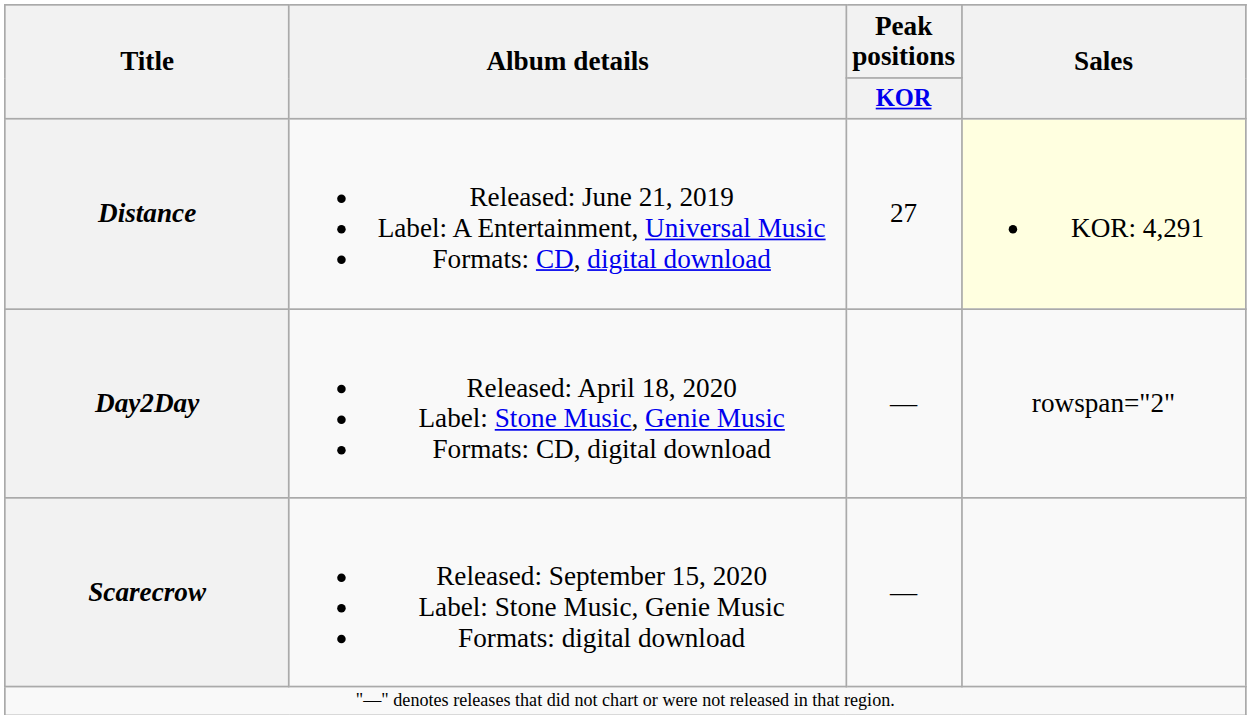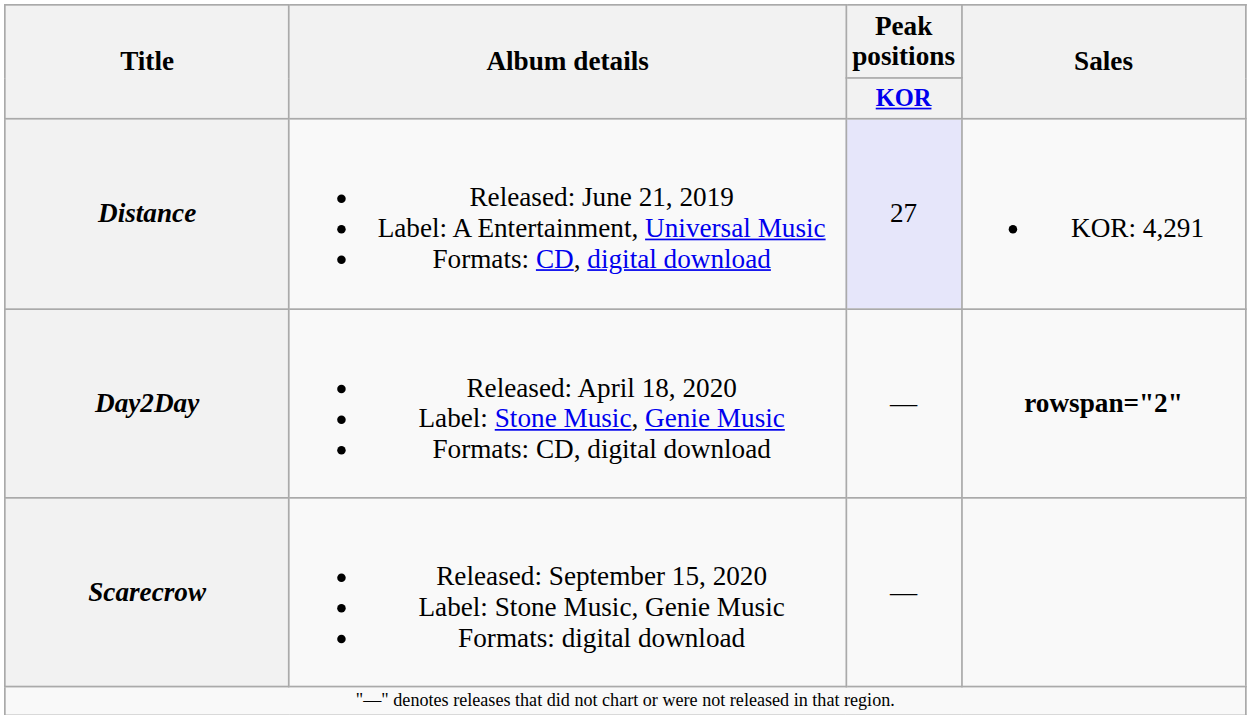 <table class="wikitable plainrowheaders" style="text-align:center;">
 <tr>
 <th scope="col" rowspan="2" style="width:10em;">Title</th>
 <th scope="col" rowspan="2" style="width:20em;">Album details</th>
 <th scope="col">Peak<br>positions</th>
 <th scope="col" rowspan="2" style="width:10em;">Sales</th>
 </tr>
 <tr>
 <th scope="col" style="width:2.2em;font-size:90%;"><a href='#'>KOR</a><br></th>
 </tr>
 <tr>
 <th scope="row"><em>Distance</em></th>
 <td><br><ul><li>Released: June 21, 2019</li><li>Label: A Entertainment, <a href='#'>Universal Music</a></li><li>Formats: <a href='#'>CD</a>, <a href='#'>digital download</a></li></ul></td>
-<td>27</td>
-<td style="background: lightyellow;"><br><ul><li>KOR: 4,291</li></ul></td>
+<td style="background: lavender;">27</td>
+<td><br><ul><li>KOR: 4,291</li></ul></td>
 </tr>
 <tr>
 <th scope="row"><em>Day2Day</em></th>
 <td><br><ul><li>Released: April 18, 2020</li><li>Label: <a href='#'>Stone Music</a>, <a href='#'>Genie Music</a></li><li>Formats: CD, digital download</li></ul></td>
 <td>—</td>
-<td>rowspan="2" </td>
+<td><strong>rowspan="2" </strong></td>
 </tr>
 <tr>
 <th scope="row"><em>Scarecrow</em></th>
 <td><br><ul><li>Released: September 15, 2020</li><li>Label: Stone Music, Genie Music</li><li>Formats: digital download</li></ul></td>
 <td>—</td>
 </tr>
 <tr>
 <td colspan="4" style="text-align:center; font-size:8pt;">"—" denotes releases that did not chart or were not released in that region.</td>
 </tr>
 </table>
